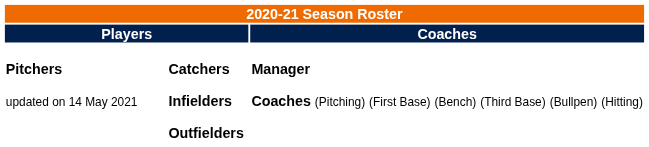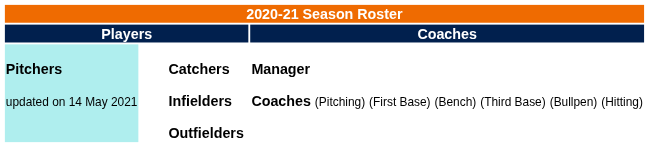 <table class="toccolours" style="font-size: 95%;">
 <tr>
 <th colspan="10" style="background-color: #EF6B01;color:white;text-align:center;">2020-21 Season Roster</th>
 </tr>
 <tr>
 <th colspan="4" style="background-color: #01204E; color: #FFFFFF">Players</th>
 <th colspan="1" style="background-color: #01204E; color: #FFFFFF">Coaches</th>
 </tr>
 <tr>
-<td style="vertical-align:top;text-align:left;"><br><strong>Pitchers</strong><br>                           <br><small><span></span> updated on 14 May 2021</small></td>
+<td style="background: paleturquoise; vertical-align:top;text-align:left;"><br><strong>Pitchers</strong><br>                           <br><small><span></span> updated on 14 May 2021</small></td>
 <td width="25px"></td>
 <td style="vertical-align:top;text-align:left;"><br><strong>Catchers</strong><br>   <br><strong>Infielders</strong><br>        <br><strong>Outfielders</strong><br>     </td>
 <td style="vertical-align:top;text-align:left;"></td>
 <td style="vertical-align:top;text-align:left;"><br><strong>Manager</strong><br> <br><strong>Coaches</strong> <small>(Pitching)</small> <small>(First Base)</small> <small>(Bench)</small> <small>(Third Base)</small> <small>(Bullpen)</small> <small>(Hitting)</small></td>
 </tr>
 </table>
